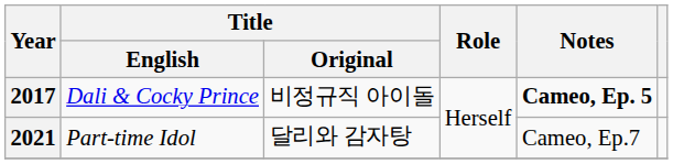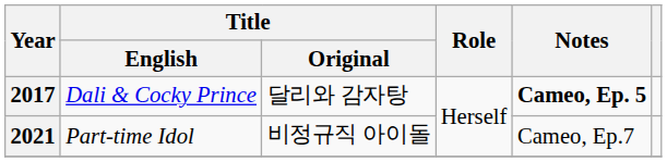 <table class="wikitable sortable plainrowheaders">
 <tr>
 <th scope="col" rowspan="2">Year</th>
 <th scope="col" colspan="2">Title</th>
 <th scope="col" rowspan="2">Role</th>
 <th scope="col" rowspan="2">Notes</th>
 <th scope="col" rowspan="2" class="unsortable"></th>
 </tr>
 <tr>
 <th scope="col">English</th>
 <th scope="col">Original</th>
 </tr>
 <tr>
 <th scope="row">2017</th>
 <td><em><a href='#'>Dali & Cocky Prince</a></em></td>
-<td>비정규직 아이돌</td>
+<td>달리와 감자탕</td>
 <td rowspan="2">Herself</td>
 <td><strong>Cameo, Ep. 5</strong></td>
 <td></td>
 </tr>
 <tr>
 <th scope="row">2021</th>
 <td><em>Part-time Idol</em></td>
-<td>달리와 감자탕</td>
+<td>비정규직 아이돌</td>
 <td>Cameo, Ep.7</td>
 <td></td>
 </tr>
 <tr>
 </tr>
 </table>
